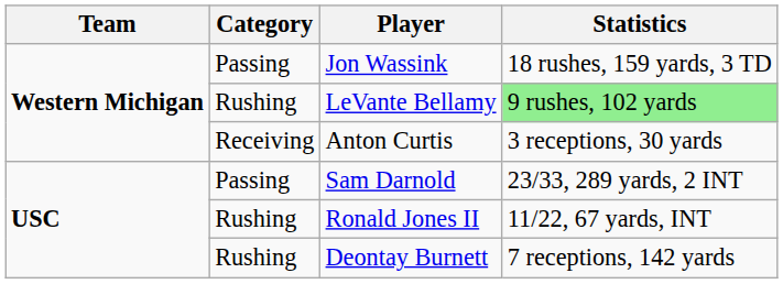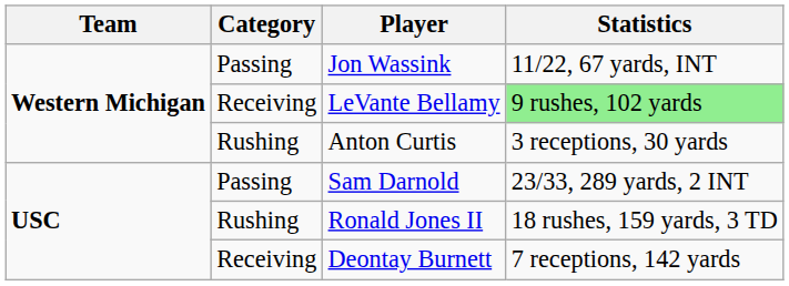 <table class="wikitable" style="float: right;">
 <tr>
 <th>Team</th>
 <th>Category</th>
 <th>Player</th>
 <th>Statistics</th>
 </tr>
 <tr>
 <td rowspan=3><strong>Western Michigan</strong></td>
 <td>Passing</td>
 <td><a href='#'>Jon Wassink</a></td>
-<td>18 rushes, 159 yards, 3 TD</td>
+<td>11/22, 67 yards, INT</td>
 </tr>
 <tr>
-<td>Rushing</td>
+<td>Receiving</td>
 <td><a href='#'>LeVante Bellamy</a></td>
 <td style="background: lightgreen;">9 rushes, 102 yards</td>
 </tr>
 <tr>
-<td>Receiving</td>
+<td>Rushing</td>
 <td>Anton Curtis</td>
 <td>3 receptions, 30 yards</td>
 </tr>
 <tr>
 <td rowspan=3><strong>USC</strong></td>
 <td>Passing</td>
 <td><a href='#'>Sam Darnold</a></td>
 <td>23/33, 289 yards, 2 INT</td>
 </tr>
 <tr>
 <td>Rushing</td>
 <td><a href='#'>Ronald Jones II</a></td>
-<td>11/22, 67 yards, INT</td>
+<td>18 rushes, 159 yards, 3 TD</td>
 </tr>
 <tr>
-<td>Rushing</td>
+<td>Receiving</td>
 <td><a href='#'>Deontay Burnett</a></td>
 <td>7 receptions, 142 yards</td>
 </tr>
 </table>
